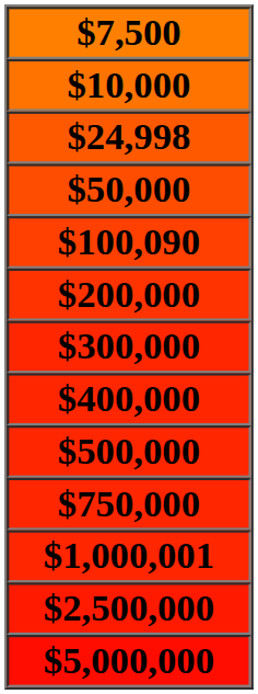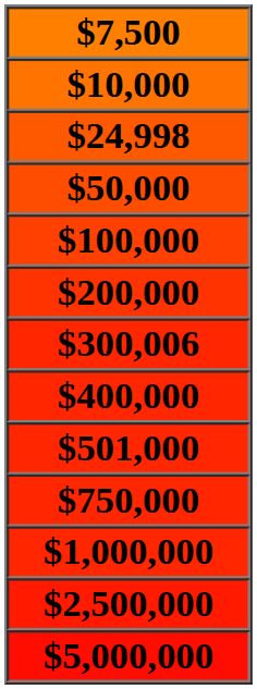 <table border=1 cellspacing=0 cellpadding =1 width=105px|->
 <tr>
 <td bgcolor="#FF8000" align=center><span><strong>$7,500</strong></span></td>
 </tr>
 <tr>
 <td bgcolor="#FF7300" align=center><span><strong>$10,000</strong></span></td>
 </tr>
 <tr>
 <td bgcolor="#FF5900" align=center><span><strong>$24,998</strong></span></td>
 </tr>
 <tr>
 <td bgcolor="#FF4D00" align=center><span><strong>$50,000</strong></span></td>
 </tr>
 <tr>
-<td bgcolor="#FF4000" align=center><span><strong>$100,090</strong></span></td>
+<td bgcolor="#FF4000" align=center><span><strong>$100,000</strong></span></td>
 </tr>
 <tr>
 <td bgcolor="#FF3300" align=center><span><strong>$200,000</strong></span></td>
 </tr>
 <tr>
-<td bgcolor="#FF2600" align=center><span><strong>$300,000</strong></span></td>
+<td bgcolor="#FF2600" align=center><span><strong>$300,006</strong></span></td>
 </tr>
 <tr>
 <td bgcolor="#FF2600" align=center><span><strong>$400,000</strong></span></td>
 </tr>
 <tr>
-<td bgcolor="#FF2600" align=center><span><strong>$500,000</strong></span></td>
+<td bgcolor="#FF2600" align=center><span><strong>$501,000</strong></span></td>
 </tr>
 <tr>
 <td bgcolor="#FF2600" align=center><span><strong>$750,000</strong></span></td>
 </tr>
 <tr>
-<td bgcolor="#FF2600" align=center><span><strong>$1,000,001</strong></span></td>
+<td bgcolor="#FF2600" align=center><span><strong>$1,000,000</strong></span></td>
 </tr>
 <tr>
 <td bgcolor="#FF1A00" align=center><span><strong>$2,500,000</strong></span></td>
 </tr>
 <tr>
 <td bgcolor="#FF0D00" align=center><span><strong>$5,000,000</strong></span></td>
 </tr>
 </table>
